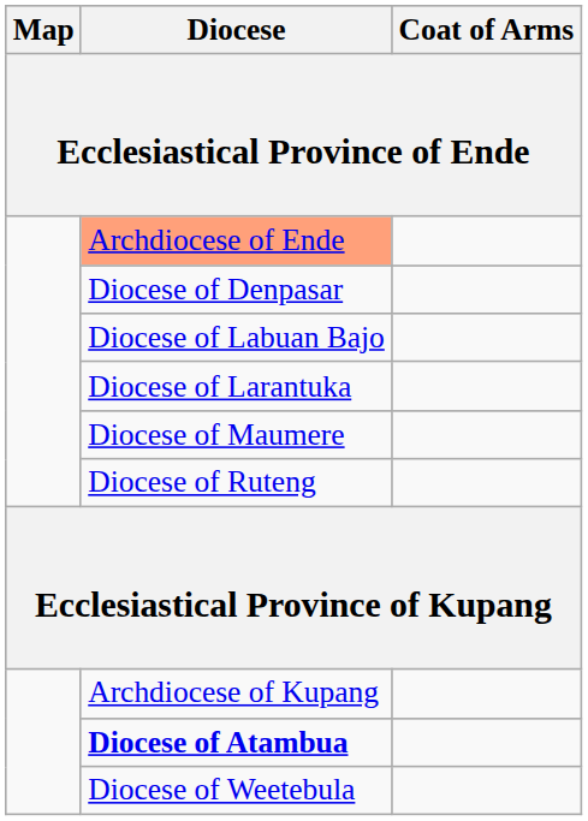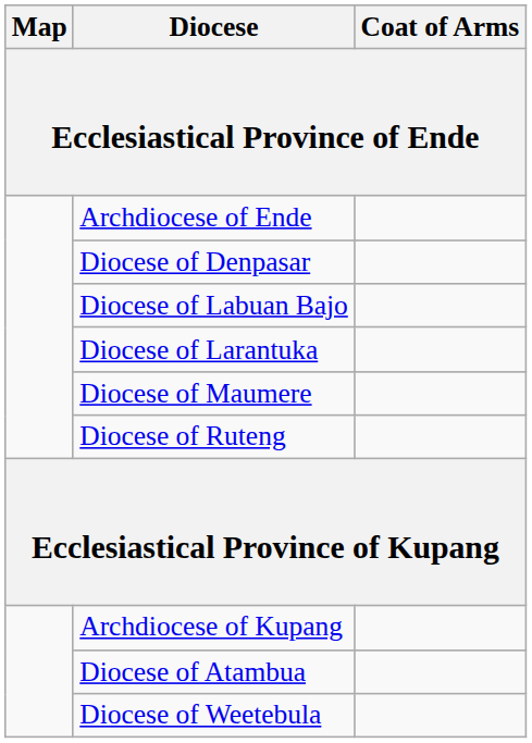 <table class="wikitable sortable">
 <tr>
 <th class="unsortable">Map</th>
 <th>Diocese</th>
 <th class=unsortable>Coat of Arms</th>
 </tr>
 <tr>
 <th colspan="3"><br><h3>Ecclesiastical Province of Ende</h3></th>
 </tr>
 <tr>
 <td rowspan="6"></td>
-<td style="background: lightsalmon;"><a href='#'>Archdiocese of Ende</a></td>
+<td><a href='#'>Archdiocese of Ende</a></td>
 <td></td>
 </tr>
 <tr>
 <td><a href='#'>Diocese of Denpasar</a></td>
 <td></td>
 </tr>
 <tr>
 <td><a href='#'>Diocese of Labuan Bajo</a></td>
 <td></td>
 </tr>
 <tr>
 <td><a href='#'>Diocese of Larantuka</a></td>
 <td></td>
 </tr>
 <tr>
 <td><a href='#'>Diocese of Maumere</a></td>
 <td></td>
 </tr>
 <tr>
 <td><a href='#'>Diocese of Ruteng</a></td>
 <td></td>
 </tr>
 <tr>
 <th colspan="3"><br><h3>Ecclesiastical Province of Kupang</h3></th>
 </tr>
 <tr>
 <td rowspan="3"></td>
 <td><a href='#'>Archdiocese of Kupang</a></td>
 <td></td>
 </tr>
 <tr>
-<td><strong><a href='#'>Diocese of Atambua</a></strong></td>
+<td><a href='#'>Diocese of Atambua</a></td>
 <td></td>
 </tr>
 <tr>
 <td><a href='#'>Diocese of Weetebula</a></td>
 <td></td>
 </tr>
 </table>
